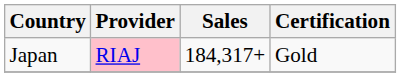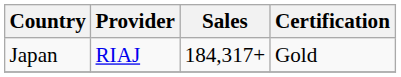 <table class="wikitable" border="1">
 <tr>
 <th>Country</th>
 <th>Provider</th>
 <th>Sales</th>
 <th>Certification</th>
 </tr>
 <tr>
 <td>Japan</td>
-<td style="background: pink;"><a href='#'>RIAJ</a></td>
+<td><a href='#'>RIAJ</a></td>
 <td>184,317+</td>
 <td>Gold</td>
 </tr>
 <tr>
 </tr>
 </table>
